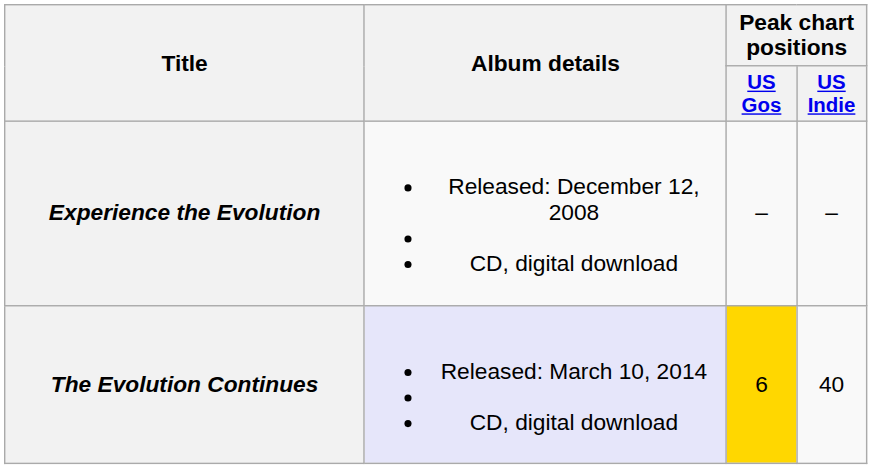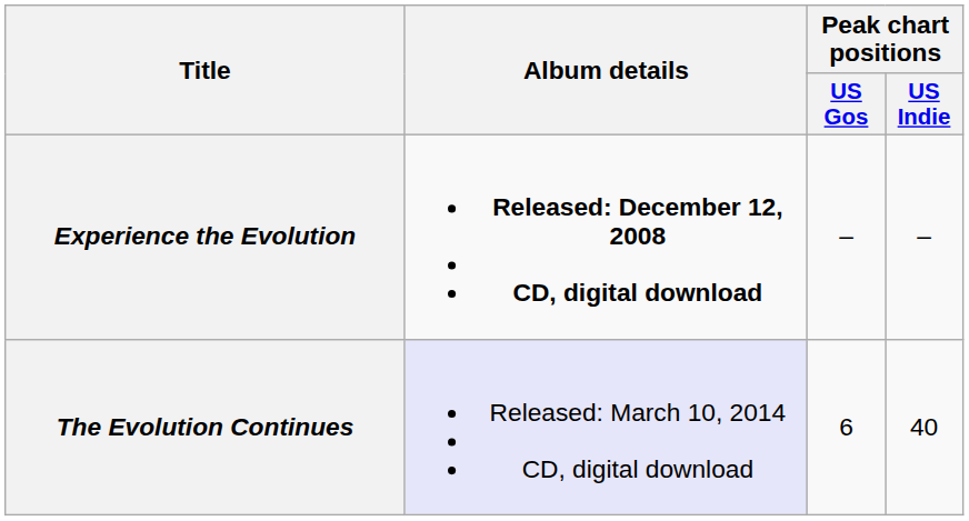 <table class="wikitable plainrowheaders" style="text-align:center;">
 <tr>
 <th scope="col" rowspan="2" style="width:16em;">Title</th>
 <th scope="col" rowspan="2" style="width:16em;">Album details</th>
 <th scope="col" colspan="3">Peak chart positions</th>
 </tr>
 <tr>
 <th style="width:3em; font-size:90%"><a href='#'>US<br>Gos</a></th>
 <th style="width:3em; font-size:90%"><a href='#'>US<br>Indie</a></th>
 </tr>
 <tr>
 <th scope="row"><em>Experience the Evolution</em></th>
-<td><br><ul><li>Released: December 12, 2008</li><li></li><li>CD, digital download</li></ul></td>
+<td><strong><br><ul><li>Released: December 12, 2008</li><li></li><li>CD, digital download</li></ul></strong></td>
 <td>–</td>
 <td>–</td>
 </tr>
 <tr>
 <th scope="row"><em>The Evolution Continues</em></th>
 <td style="background: lavender;"><br><ul><li>Released: March 10, 2014</li><li></li><li>CD, digital download</li></ul></td>
-<td style="background: gold;">6</td>
+<td>6</td>
 <td>40</td>
 </tr>
 </table>
